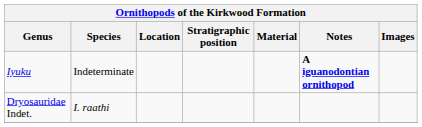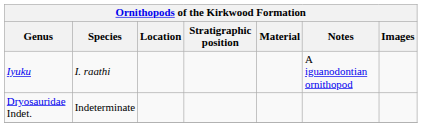 <table class="wikitable" align="center">
 <tr>
 <th colspan="7" align="center"><a href='#'>Ornithopods</a> of the Kirkwood Formation</th>
 </tr>
 <tr>
 <th>Genus</th>
 <th>Species</th>
 <th>Location</th>
 <th>Stratigraphic position</th>
 <th>Material</th>
 <th>Notes</th>
 <th>Images</th>
 </tr>
 <tr>
 <td><em><a href='#'>Iyuku</a></em></td>
-<td>Indeterminate</td>
+<td><em>I. raathi</em></td>
 <td></td>
 <td></td>
 <td></td>
-<td><strong>A <a href='#'>iguanodontian ornithopod</a></strong></td>
+<td>A <a href='#'>iguanodontian ornithopod</a></td>
 <td></td>
 </tr>
 <tr>
 <td><a href='#'>Dryosauridae</a> Indet.</td>
-<td><em>I. raathi</em></td>
+<td>Indeterminate</td>
 <td></td>
 <td></td>
 <td></td>
 <td></td>
 <td></td>
 </tr>
 <tr>
 </tr>
 </table>
